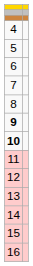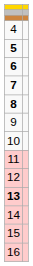 <table class="wikitable">
 <tr style="background:gold;">
 <td align=center></td>
 <td></td>
 </tr>
 <tr style="background:silver;">
 <td align=center></td>
 <td></td>
 </tr>
 <tr style="background:peru;">
 <td align=center></td>
 <td></td>
 </tr>
 <tr>
 <td align=center>4</td>
 <td></td>
 </tr>
 <tr>
-<td align=center>5</td>
+<td align=center><strong>5</strong></td>
 <td></td>
 </tr>
 <tr>
-<td align=center>6</td>
+<td align=center><strong>6</strong></td>
 <td></td>
 </tr>
 <tr>
-<td align=center>7</td>
+<td align=center><strong>7</strong></td>
 <td></td>
 </tr>
 <tr>
-<td align=center>8</td>
+<td align=center><strong>8</strong></td>
 <td></td>
 </tr>
 <tr>
-<td align=center><strong>9</strong></td>
+<td align=center>9</td>
 <td></td>
 </tr>
 <tr>
-<td align=center><strong>10</strong></td>
+<td align=center>10</td>
 <td></td>
 </tr>
 <tr style="background:#fcc;">
 <td align=center>11</td>
 <td></td>
 </tr>
 <tr style="background:#fcc;">
 <td align=center>12</td>
 <td></td>
 </tr>
 <tr style="background:#fcc;">
-<td align=center>13</td>
+<td align=center><strong>13</strong></td>
 <td></td>
 </tr>
 <tr style="background:#fcc;">
 <td align=center>14</td>
 <td></td>
 </tr>
 <tr style="background:#fcc;">
 <td align=center>15</td>
 <td></td>
 </tr>
 <tr style="background:#fcc;">
 <td align=center>16</td>
 <td></td>
 </tr>
 </table>
